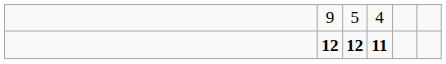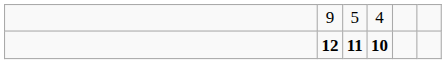 <table class="wikitable">
 <tr>
 <td style="width:18em"></td>
 <td align=center style="width:1em">9</td>
 <td align=center style="width:1em">5</td>
 <td align=center style="width:1em">4</td>
 <td align=center style="width:1em"></td>
 <td align=center style="width:1em"></td>
 </tr>
 <tr>
 <td style="width:18em"></td>
 <td align=center style="width:1em"><strong>12</strong></td>
-<td align=center style="width:1em"><strong>12</strong></td>
 <td align=center style="width:1em"><strong>11</strong></td>
+<td align=center style="width:1em"><strong>10</strong></td>
 <td align=center style="width:1em"></td>
 <td align=center style="width:1em"></td>
 </tr>
 </table>
